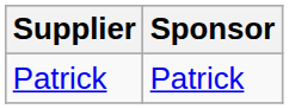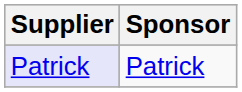 <table class="wikitable">
 <tr>
 <th>Supplier</th>
 <th>Sponsor</th>
 </tr>
 <tr>
-<td> <a href='#'>Patrick</a></td>
+<td style="background: lavender;"> <a href='#'>Patrick</a></td>
 <td> <a href='#'>Patrick</a></td>
 </tr>
 </table>
